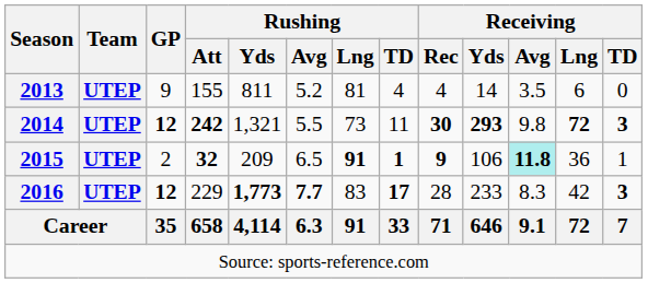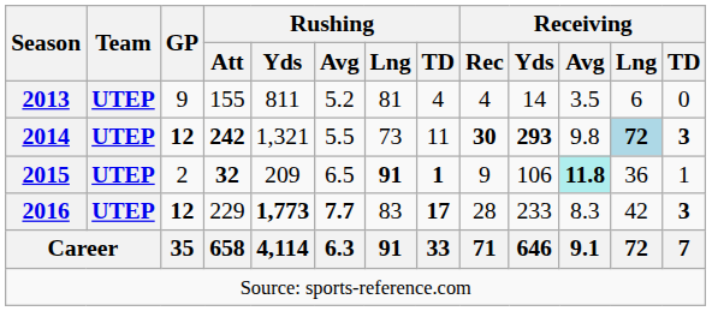 <table class="wikitable" style="text-align: center;">
 <tr>
 <th rowspan="2">Season</th>
 <th rowspan="2">Team</th>
 <th rowspan="2">GP</th>
 <th colspan="5">Rushing</th>
 <th colspan="5">Receiving</th>
 </tr>
 <tr>
 <th>Att</th>
 <th>Yds</th>
 <th>Avg</th>
 <th>Lng</th>
 <th>TD</th>
 <th>Rec</th>
 <th>Yds</th>
 <th>Avg</th>
 <th>Lng</th>
 <th>TD</th>
 </tr>
 <tr>
 <th><a href='#'>2013</a></th>
 <th><a href='#'>UTEP</a></th>
 <td>9</td>
 <td>155</td>
 <td>811</td>
 <td>5.2</td>
 <td>81</td>
 <td>4</td>
 <td>4</td>
 <td>14</td>
 <td>3.5</td>
 <td>6</td>
 <td>0</td>
 </tr>
 <tr>
 <th><a href='#'>2014</a></th>
 <th><a href='#'>UTEP</a></th>
 <td><strong>12</strong></td>
 <td><strong>242</strong></td>
 <td>1,321</td>
 <td>5.5</td>
 <td>73</td>
 <td>11</td>
 <td><strong>30</strong></td>
 <td><strong>293</strong></td>
 <td>9.8</td>
-<td><strong>72</strong></td>
+<td style="background: lightblue;"><strong>72</strong></td>
 <td><strong>3</strong></td>
 </tr>
 <tr>
 <th><a href='#'>2015</a></th>
 <th><a href='#'>UTEP</a></th>
 <td>2</td>
 <td><strong>32</strong></td>
 <td>209</td>
 <td>6.5</td>
 <td><strong>91</strong></td>
 <td><strong>1</strong></td>
-<td><strong>9</strong></td>
+<td>9</td>
 <td>106</td>
 <td style="background: paleturquoise;"><strong>11.8</strong></td>
 <td>36</td>
 <td>1</td>
 </tr>
 <tr>
 <th><a href='#'>2016</a></th>
 <th><a href='#'>UTEP</a></th>
 <td><strong>12</strong></td>
 <td>229</td>
 <td><strong>1,773</strong></td>
 <td><strong>7.7</strong></td>
 <td>83</td>
 <td><strong>17</strong></td>
 <td>28</td>
 <td>233</td>
 <td>8.3</td>
 <td>42</td>
 <td><strong>3</strong></td>
 </tr>
 <tr>
 <th colspan="2">Career</th>
 <th>35</th>
 <th>658</th>
 <th>4,114</th>
 <th>6.3</th>
 <th>91</th>
 <th>33</th>
 <th>71</th>
 <th>646</th>
 <th>9.1</th>
 <th>72</th>
 <th>7</th>
 </tr>
 <tr>
 <td colspan="13"><small>Source: sports-reference.com</small></td>
 </tr>
 </table>
